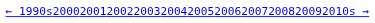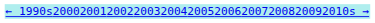 <table id="toc" class="toc" summary=Contents>
 <tr>
 <th></th>
 </tr>
 <tr>
-<td align="center"><a href='#'>← 1990s</a><a href='#'>2000</a><a href='#'>2001</a><a href='#'>2002</a><a href='#'>2003</a><a href='#'>2004</a><a href='#'>2005</a><a href='#'>2006</a><a href='#'>2007</a><a href='#'>2008</a><a href='#'>2009</a><a href='#'>2010s →</a></td>
+<td align="center" style="background: paleturquoise;"><a href='#'>← 1990s</a><a href='#'>2000</a><a href='#'>2001</a><a href='#'>2002</a><a href='#'>2003</a><a href='#'>2004</a><a href='#'>2005</a><a href='#'>2006</a><a href='#'>2007</a><a href='#'>2008</a><a href='#'>2009</a><a href='#'>2010s →</a></td>
 </tr>
 </table>
